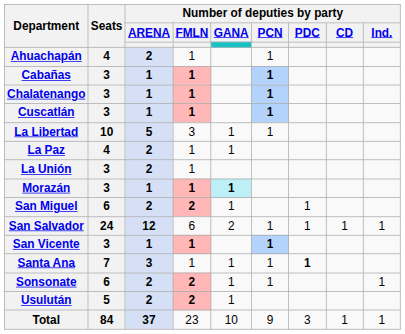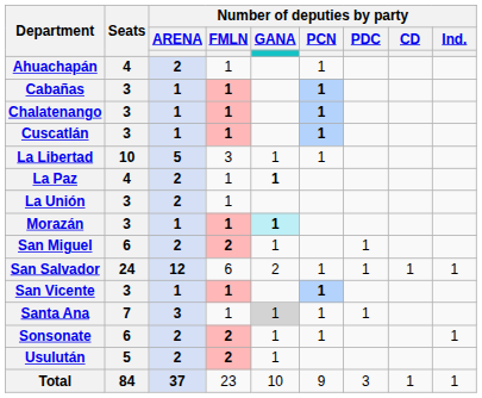 <table class="wikitable" style="text-align:center">
 <tr>
 <th rowspan="3">Department</th>
 <th rowspan="3">Seats</th>
 <th colspan="7">Number of deputies by party</th>
 </tr>
 <tr>
 <th style="width:43px;"><a href='#'>ARENA</a></th>
 <th style="width:43px;"><a href='#'>FMLN</a></th>
 <th style="width:43px;"><a href='#'>GANA</a></th>
 <th style="width:43px;"><a href='#'>PCN</a></th>
 <th style="width:43px;"><a href='#'>PDC</a></th>
 <th style="width:43px;"><a href='#'>CD</a></th>
 <th style="width:43px;"><a href='#'>Ind.</a></th>
 </tr>
 <tr>
 <th style="background:"></th>
 <th style="background:"></th>
 <td bgcolor="#13C3C6"></td>
 <th style="background:"></th>
 <th style="background:"></th>
 <th style="background:"></th>
 <th style="background:"></th>
 </tr>
 <tr>
 <th><a href='#'>Ahuachapán</a></th>
 <th>4</th>
 <td style="background:#D5E0F6;"><strong>2</strong></td>
 <td>1</td>
 <td></td>
 <td>1</td>
 <td></td>
 <td></td>
 <td></td>
 </tr>
 <tr>
 <th><a href='#'>Cabañas</a></th>
 <th>3</th>
 <td style="background:#D5E0F6;"><strong>1</strong></td>
 <td style="background:#FFB7B7;"><strong>1</strong></td>
 <td></td>
 <td style="background:#B3D3FC;"><strong>1</strong></td>
 <td></td>
 <td></td>
 <td></td>
 </tr>
 <tr>
 <th><a href='#'>Chalatenango</a></th>
 <th>3</th>
 <td style="background:#D5E0F6;"><strong>1</strong></td>
 <td style="background:#FFB7B7;"><strong>1</strong></td>
 <td></td>
 <td style="background:#B3D3FC;"><strong>1</strong></td>
 <td></td>
 <td></td>
 <td></td>
 </tr>
 <tr>
 <th><a href='#'>Cuscatlán</a></th>
 <th>3</th>
 <td style="background:#D5E0F6;"><strong>1</strong></td>
 <td style="background:#FFB7B7;"><strong>1</strong></td>
 <td></td>
 <td style="background:#B3D3FC;"><strong>1</strong></td>
 <td></td>
 <td></td>
 <td></td>
 </tr>
 <tr>
 <th><a href='#'>La Libertad</a></th>
 <th>10</th>
 <td style="background:#D5E0F6;"><strong>5</strong></td>
 <td>3</td>
 <td>1</td>
 <td>1</td>
 <td></td>
 <td></td>
 <td></td>
 </tr>
 <tr>
 <th><a href='#'>La Paz</a></th>
 <th>4</th>
 <td style="background:#D5E0F6;"><strong>2</strong></td>
 <td>1</td>
-<td>1</td>
+<td><strong>1</strong></td>
 <td></td>
 <td></td>
 <td></td>
 <td></td>
 </tr>
 <tr>
 <th><a href='#'>La Unión</a></th>
 <th>3</th>
 <td style="background:#D5E0F6;"><strong>2</strong></td>
 <td>1</td>
 <td></td>
 <td></td>
 <td></td>
 <td></td>
 <td></td>
 </tr>
 <tr>
 <th><a href='#'>Morazán</a></th>
 <th>3</th>
 <td style="background:#D5E0F6;"><strong>1</strong></td>
 <td style="background:#FFB7B7;"><strong>1</strong></td>
 <td style="background:#BCEFF6;"><strong>1</strong></td>
 <td></td>
 <td></td>
 <td></td>
 <td></td>
 </tr>
 <tr>
 <th><a href='#'>San Miguel</a></th>
 <th>6</th>
 <td style="background:#D5E0F6;"><strong>2</strong></td>
 <td style="background:#FFB7B7;"><strong>2</strong></td>
 <td>1</td>
 <td></td>
 <td>1</td>
 <td></td>
 <td></td>
 </tr>
 <tr>
 <th><a href='#'>San Salvador</a></th>
 <th>24</th>
 <td style="background:#D5E0F6;"><strong>12</strong></td>
 <td>6</td>
 <td>2</td>
 <td>1</td>
 <td>1</td>
 <td>1</td>
 <td>1</td>
 </tr>
 <tr>
 <th><a href='#'>San Vicente</a></th>
 <th>3</th>
 <td style="background:#D5E0F6;"><strong>1</strong></td>
 <td style="background:#FFB7B7;"><strong>1</strong></td>
 <td></td>
 <td style="background:#B3D3FC;"><strong>1</strong></td>
 <td></td>
 <td></td>
 <td></td>
 </tr>
 <tr>
 <th><a href='#'>Santa Ana</a></th>
 <th>7</th>
 <td style="background:#D5E0F6;"><strong>3</strong></td>
 <td>1</td>
+<td style="background: lightgrey;">1</td>
 <td>1</td>
 <td>1</td>
-<td><strong>1</strong></td>
 <td></td>
 <td></td>
 </tr>
 <tr>
 <th><a href='#'>Sonsonate</a></th>
 <th>6</th>
 <td style="background:#D5E0F6;"><strong>2</strong></td>
 <td style="background:#FFB7B7;"><strong>2</strong></td>
 <td>1</td>
 <td>1</td>
 <td></td>
 <td></td>
 <td>1</td>
 </tr>
 <tr>
 <th><a href='#'>Usulután</a></th>
 <th>5</th>
 <td style="background:#D5E0F6;"><strong>2</strong></td>
 <td style="background:#FFB7B7;"><strong>2</strong></td>
 <td>1</td>
 <td></td>
 <td></td>
 <td></td>
 <td></td>
 </tr>
 <tr>
 <th>Total</th>
 <th>84</th>
 <td style="background:#D5E0F6;"><strong>37</strong></td>
 <td>23</td>
 <td>10</td>
 <td>9</td>
 <td>3</td>
 <td>1</td>
 <td>1</td>
 </tr>
 </table>
